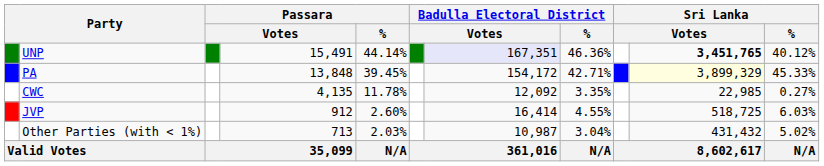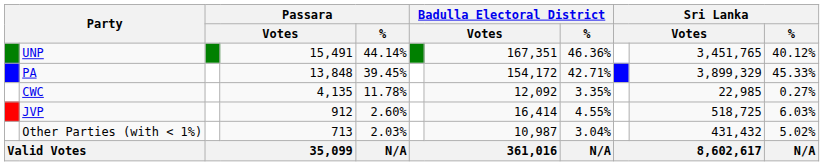 <table class="wikitable">
 <tr>
 <th colspan="2" width="144px"rowspan="2">Party</th>
 <th colspan="3" width="216px">Passara</th>
 <th colspan="3" width="216px"><a href='#'>Badulla Electoral District</a></th>
 <th colspan="3" width="216px">Sri Lanka</th>
 </tr>
 <tr>
 <th colspan="2" width="144px">Votes</th>
 <th>%</th>
 <th colspan="2" width="144px">Votes</th>
 <th>%</th>
 <th colspan="2" width="144px">Votes</th>
 <th>%</th>
 </tr>
 <tr>
 <td style="background-color:green;" width="10px"></td>
 <td style="text-align:left;"><a href='#'>UNP</a></td>
 <td style="background-color:green;" width="10px"></td>
 <td style="text-align:right;">15,491</td>
 <td style="text-align:right;">44.14%</td>
 <td style="background-color:green;" width="10px"></td>
-<td style="background: lavender; text-align:right;">167,351</td>
+<td style="text-align:right;">167,351</td>
 <td style="text-align:right;">46.36%</td>
 <td style="background-color:white;" width="10px"></td>
-<td style="text-align:right;"><strong>3,451,765</strong></td>
+<td style="text-align:right;">3,451,765</td>
 <td style="text-align:right;">40.12%</td>
 </tr>
 <tr>
 <td style="background-color:blue;" width="10px"></td>
 <td style="text-align:left;"><a href='#'>PA</a></td>
 <td style="background-color:white;" width="10px"></td>
 <td style="text-align:right;">13,848</td>
 <td style="text-align:right;">39.45%</td>
 <td style="background-color:white;" width="10px"></td>
 <td style="text-align:right;">154,172</td>
 <td style="text-align:right;">42.71%</td>
 <td style="background-color:blue;" width="10px"></td>
-<td style="background: lightyellow; text-align:right;">3,899,329</td>
+<td style="text-align:right;">3,899,329</td>
 <td style="text-align:right;">45.33%</td>
 </tr>
 <tr>
 <td style="background-color:white;" width="10px"></td>
 <td style="text-align:left;"><a href='#'>CWC</a></td>
 <td style="background-color:white;" width="10px"></td>
 <td style="text-align:right;">4,135</td>
 <td style="text-align:right;">11.78%</td>
 <td style="background-color:white;" width="10px"></td>
 <td style="text-align:right;">12,092</td>
 <td style="text-align:right;">3.35%</td>
 <td style="background-color:white;" width="10px"></td>
 <td style="text-align:right;">22,985</td>
 <td style="text-align:right;">0.27%</td>
 </tr>
 <tr>
 <td style="background-color:red;" width="10px"></td>
 <td style="text-align:left;"><a href='#'>JVP</a></td>
 <td style="background-color:white;" width="10px"></td>
 <td style="text-align:right;">912</td>
 <td style="text-align:right;">2.60%</td>
 <td style="background-color:white;" width="10px"></td>
 <td style="text-align:right;">16,414</td>
 <td style="text-align:right;">4.55%</td>
 <td style="background-color:white;" width="10px"></td>
 <td style="text-align:right;">518,725</td>
 <td style="text-align:right;">6.03%</td>
 </tr>
 <tr>
 <td style="background-color:white;" width="10px"></td>
 <td style="text-align:left;">Other Parties (with < 1%)</td>
 <td style="background-color:white;" width="10px"></td>
 <td style="text-align:right;">713</td>
 <td style="text-align:right;">2.03%</td>
 <td style="background-color:white;" width="10px"></td>
 <td style="text-align:right;">10,987</td>
 <td style="text-align:right;">3.04%</td>
 <td style="background-color:white;" width="10px"></td>
 <td style="text-align:right;">431,432</td>
 <td style="text-align:right;">5.02%</td>
 </tr>
 <tr>
 <th colspan="2" width="144px"style="text-align:left;">Valid Votes</th>
 <th style="text-align:right;"colspan="2" width="144px">35,099</th>
 <th style="text-align:right;">N/A</th>
 <th style="text-align:right;"colspan="2" width="144px">361,016</th>
 <th style="text-align:right;">N/A</th>
 <th style="text-align:right;"colspan="2" width="144px">8,602,617</th>
 <th style="text-align:right;">N/A</th>
 </tr>
 </table>
